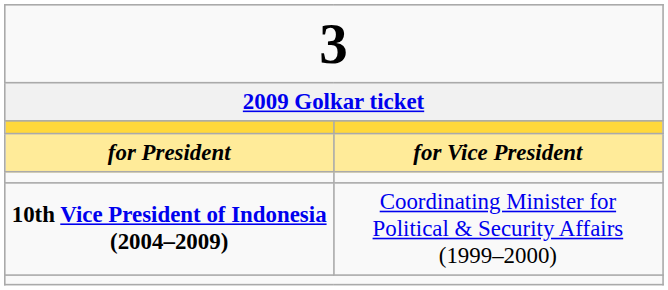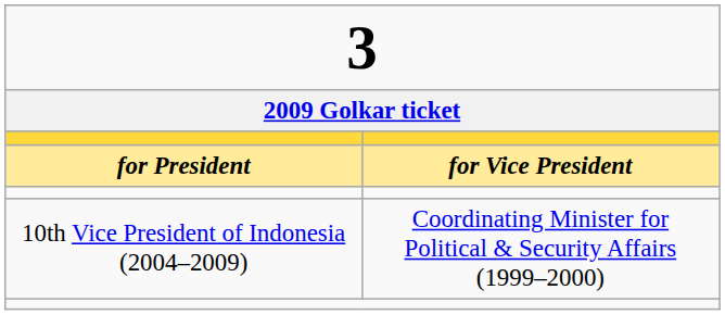 <table class="wikitable" style="font-size:90%; text-align:center">
 <tr>
 <td colspan=2 style="text-align:center;"><big><big><big><big><big><strong>3</strong></big></big></big></big></big></td>
 </tr>
 <tr>
 <td colspan=2 style="background:#f1f1f1;"><strong><a href='#'>2009 Golkar ticket</a></strong></td>
 </tr>
 <tr>
 <th style="font-size:135%; background:#FFD83B;"><a href='#'></a></th>
 <th style="font-size:135%; background:#FFD83B;"><a href='#'></a></th>
 </tr>
 <tr style="color:#000; font-size:100%;">
 <td style="width:3em; width:200px; background:#FFEB99;"><strong><em>for President</em></strong></td>
 <td style="width:3em; width:200px; background:#FFEB99;"><strong><em>for Vice President</em></strong></td>
 </tr>
 <tr>
 <td></td>
 <td></td>
 </tr>
 <tr>
-<td><strong>10th <a href='#'>Vice President of Indonesia</a> (2004–2009)</strong></td>
+<td>10th <a href='#'>Vice President of Indonesia</a> (2004–2009)</td>
 <td><a href='#'>Coordinating Minister for Political & Security Affairs</a> (1999–2000)</td>
 </tr>
 <tr>
 <td colspan=2><strong></strong></td>
 </tr>
 </table>
